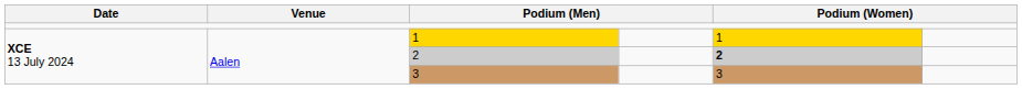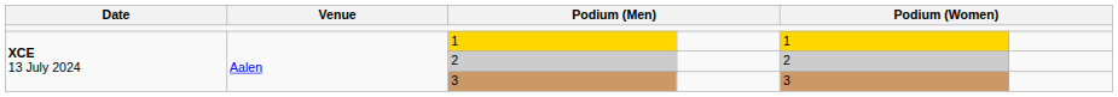 <table class="wikitable" width=70%>
 <tr>
 <th>Date</th>
 <th width=20%>Venue</th>
 <th colspan=2 width=30%>Podium (Men)</th>
 <th colspan=2 width=30%>Podium (Women)</th>
 </tr>
 <tr>
 <td colspan=6></td>
 </tr>
 <tr>
 <td rowspan=3><strong>XCE</strong> <br> 13 July 2024</td>
 <td rowspan=3><br><a href='#'>Aalen</a></td>
 <td bgcolor=FFD700>1</td>
 <td></td>
 <td bgcolor=FFD700>1</td>
 <td></td>
 </tr>
 <tr>
 <td bgcolor=CCCCCC>2</td>
 <td></td>
-<td bgcolor=CCCCCC><strong>2</strong></td>
+<td bgcolor=CCCCCC>2</td>
 <td></td>
 </tr>
 <tr>
 <td bgcolor=CC9966>3</td>
 <td></td>
 <td bgcolor=CC9966>3</td>
 <td></td>
 </tr>
 </table>
